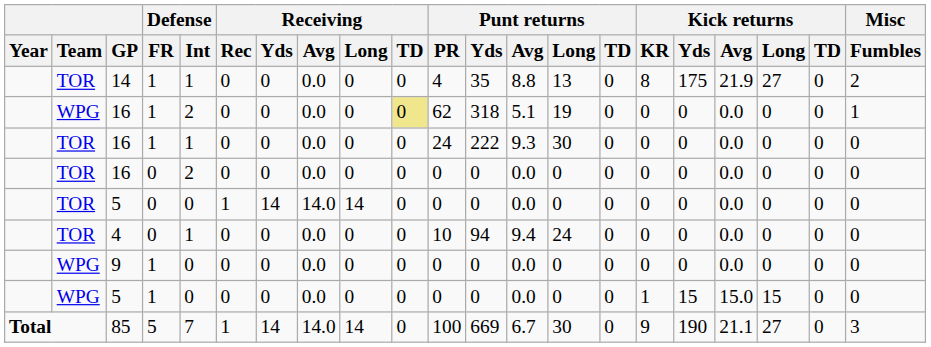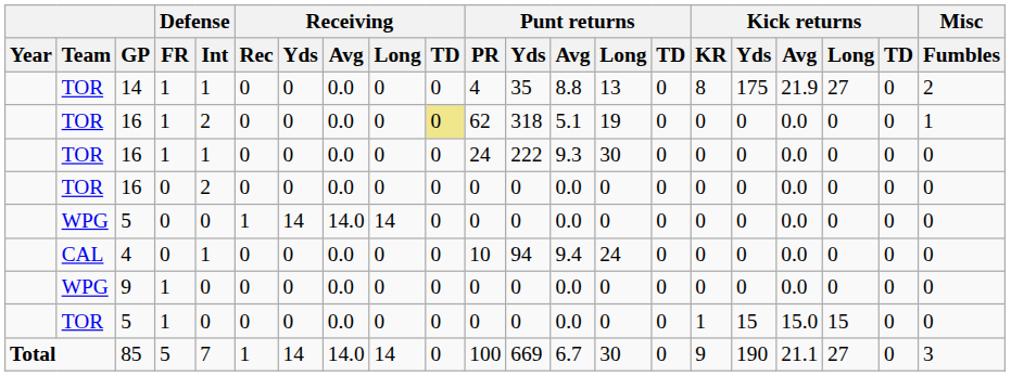 <table class="wikitable">
 <tr>
 <th colspan=3></th>
 <th colspan=2>Defense</th>
 <th colspan=5>Receiving</th>
 <th colspan=5>Punt returns</th>
 <th colspan=5>Kick returns</th>
 <th>Misc</th>
 </tr>
 <tr>
 <th>Year</th>
 <th>Team</th>
 <th>GP</th>
 <th>FR</th>
 <th>Int</th>
 <th>Rec</th>
 <th>Yds</th>
 <th>Avg</th>
 <th>Long</th>
 <th>TD</th>
 <th>PR</th>
 <th>Yds</th>
 <th>Avg</th>
 <th>Long</th>
 <th>TD</th>
 <th>KR</th>
 <th>Yds</th>
 <th>Avg</th>
 <th>Long</th>
 <th>TD</th>
 <th>Fumbles</th>
 </tr>
 <tr>
 <td></td>
 <td><a href='#'>TOR</a></td>
 <td>14</td>
 <td>1</td>
 <td>1</td>
 <td>0</td>
 <td>0</td>
 <td>0.0</td>
 <td>0</td>
 <td>0</td>
 <td>4</td>
 <td>35</td>
 <td>8.8</td>
 <td>13</td>
 <td>0</td>
 <td>8</td>
 <td>175</td>
 <td>21.9</td>
 <td>27</td>
 <td>0</td>
 <td>2</td>
 </tr>
 <tr>
 <td></td>
-<td><a href='#'>WPG</a></td>
+<td><a href='#'>TOR</a></td>
 <td>16</td>
 <td>1</td>
 <td>2</td>
 <td>0</td>
 <td>0</td>
 <td>0.0</td>
 <td>0</td>
 <td style="background: khaki;">0</td>
 <td>62</td>
 <td>318</td>
 <td>5.1</td>
 <td>19</td>
 <td>0</td>
 <td>0</td>
 <td>0</td>
 <td>0.0</td>
 <td>0</td>
 <td>0</td>
 <td>1</td>
 </tr>
 <tr>
 <td></td>
 <td><a href='#'>TOR</a></td>
 <td>16</td>
 <td>1</td>
 <td>1</td>
 <td>0</td>
 <td>0</td>
 <td>0.0</td>
 <td>0</td>
 <td>0</td>
 <td>24</td>
 <td>222</td>
 <td>9.3</td>
 <td>30</td>
 <td>0</td>
 <td>0</td>
 <td>0</td>
 <td>0.0</td>
 <td>0</td>
 <td>0</td>
 <td>0</td>
 </tr>
 <tr>
 <td></td>
 <td><a href='#'>TOR</a></td>
 <td>16</td>
 <td>0</td>
 <td>2</td>
 <td>0</td>
 <td>0</td>
 <td>0.0</td>
 <td>0</td>
 <td>0</td>
 <td>0</td>
 <td>0</td>
 <td>0.0</td>
 <td>0</td>
 <td>0</td>
 <td>0</td>
 <td>0</td>
 <td>0.0</td>
 <td>0</td>
 <td>0</td>
 <td>0</td>
 </tr>
 <tr>
 <td></td>
-<td><a href='#'>TOR</a></td>
+<td><a href='#'>WPG</a></td>
 <td>5</td>
 <td>0</td>
 <td>0</td>
 <td>1</td>
 <td>14</td>
 <td>14.0</td>
 <td>14</td>
 <td>0</td>
 <td>0</td>
 <td>0</td>
 <td>0.0</td>
 <td>0</td>
 <td>0</td>
 <td>0</td>
 <td>0</td>
 <td>0.0</td>
 <td>0</td>
 <td>0</td>
 <td>0</td>
 </tr>
 <tr>
 <td></td>
-<td><a href='#'>TOR</a></td>
+<td><a href='#'>CAL</a></td>
 <td>4</td>
 <td>0</td>
 <td>1</td>
 <td>0</td>
 <td>0</td>
 <td>0.0</td>
 <td>0</td>
 <td>0</td>
 <td>10</td>
 <td>94</td>
 <td>9.4</td>
 <td>24</td>
 <td>0</td>
 <td>0</td>
 <td>0</td>
 <td>0.0</td>
 <td>0</td>
 <td>0</td>
 <td>0</td>
 </tr>
 <tr>
 <td></td>
 <td><a href='#'>WPG</a></td>
 <td>9</td>
 <td>1</td>
 <td>0</td>
 <td>0</td>
 <td>0</td>
 <td>0.0</td>
 <td>0</td>
 <td>0</td>
 <td>0</td>
 <td>0</td>
 <td>0.0</td>
 <td>0</td>
 <td>0</td>
 <td>0</td>
 <td>0</td>
 <td>0.0</td>
 <td>0</td>
 <td>0</td>
 <td>0</td>
 </tr>
 <tr>
 <td></td>
-<td><a href='#'>WPG</a></td>
+<td><a href='#'>TOR</a></td>
 <td>5</td>
 <td>1</td>
 <td>0</td>
 <td>0</td>
 <td>0</td>
 <td>0.0</td>
 <td>0</td>
 <td>0</td>
 <td>0</td>
 <td>0</td>
 <td>0.0</td>
 <td>0</td>
 <td>0</td>
 <td>1</td>
 <td>15</td>
 <td>15.0</td>
 <td>15</td>
 <td>0</td>
 <td>0</td>
 </tr>
 <tr>
 <td colspan=2><strong>Total</strong></td>
 <td>85</td>
 <td>5</td>
 <td>7</td>
 <td>1</td>
 <td>14</td>
 <td>14.0</td>
 <td>14</td>
 <td>0</td>
 <td>100</td>
 <td>669</td>
 <td>6.7</td>
 <td>30</td>
 <td>0</td>
 <td>9</td>
 <td>190</td>
 <td>21.1</td>
 <td>27</td>
 <td>0</td>
 <td>3</td>
 </tr>
 </table>
